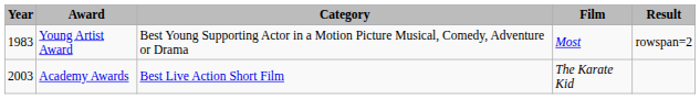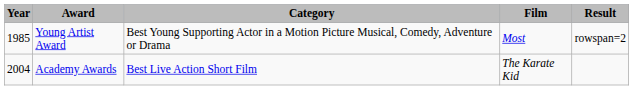 <table class="wikitable">
 <tr style="background:#b0c4de; text-align:center;">
 <th style="background:#bcbcbc;">Year</th>
 <th style="background:#bcbcbc;">Award</th>
 <th style="background:#bcbcbc;">Category</th>
 <th style="background:#bcbcbc;">Film</th>
 <th style="background:#bcbcbc;">Result</th>
 </tr>
 <tr>
-<td>1983</td>
+<td>1985</td>
 <td><a href='#'>Young Artist Award</a></td>
 <td>Best Young Supporting Actor in a Motion Picture Musical, Comedy, Adventure or Drama</td>
 <td><em><a href='#'>Most</a></em> </td>
 <td>rowspan=2 </td>
 </tr>
 <tr>
-<td>2003</td>
+<td>2004</td>
 <td><a href='#'>Academy Awards</a></td>
 <td><a href='#'>Best Live Action Short Film</a></td>
 <td><em>The Karate Kid</em></td>
 </tr>
 </table>
